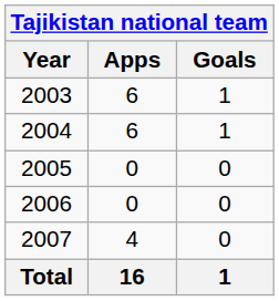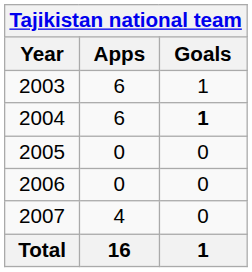 <table class="wikitable" style="text-align:center">
 <tr>
 <th colspan=3><a href='#'>Tajikistan national team</a></th>
 </tr>
 <tr>
 <th>Year</th>
 <th>Apps</th>
 <th>Goals</th>
 </tr>
 <tr>
 <td>2003</td>
 <td>6</td>
 <td>1</td>
 </tr>
 <tr>
 <td>2004</td>
 <td>6</td>
-<td>1</td>
+<td><strong>1</strong></td>
 </tr>
 <tr>
 <td>2005</td>
 <td>0</td>
 <td>0</td>
 </tr>
 <tr>
 <td>2006</td>
 <td>0</td>
 <td>0</td>
 </tr>
 <tr>
 <td>2007</td>
 <td>4</td>
 <td>0</td>
 </tr>
 <tr>
 <th>Total</th>
 <th>16</th>
 <th>1</th>
 </tr>
 </table>
